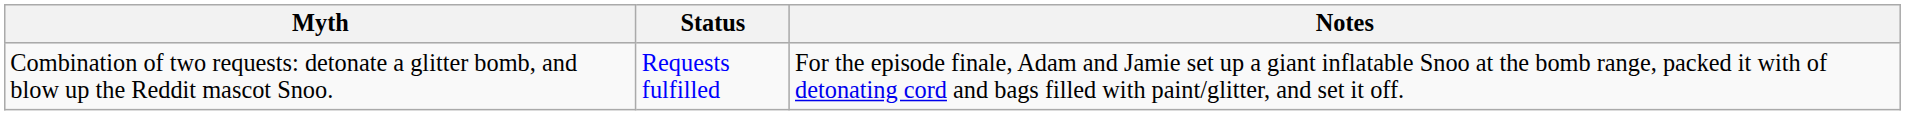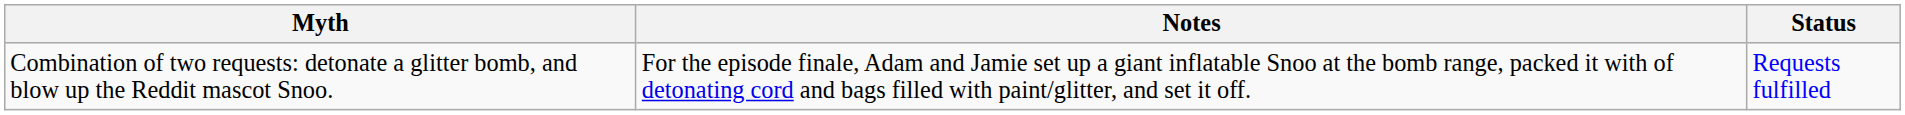 <table class="wikitable plainrowheaders">
 <tr>
 <th scope"col">Myth</th>
+<th scope"col">Notes</th>
 <th scope"col">Status</th>
-<th scope"col">Notes</th>
 </tr>
 <tr>
 <td scope"row">Combination of two requests: detonate a glitter bomb, and blow up the Reddit mascot Snoo.</td>
+<td>For the episode finale, Adam and Jamie set up a giant inflatable Snoo at the bomb range, packed it with  of <a href='#'>detonating cord</a> and bags filled with paint/glitter, and set it off.</td>
 <td style="color:blue">Requests fulfilled</td>
-<td>For the episode finale, Adam and Jamie set up a giant inflatable Snoo at the bomb range, packed it with  of <a href='#'>detonating cord</a> and bags filled with paint/glitter, and set it off.</td>
 </tr>
 </table>
